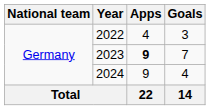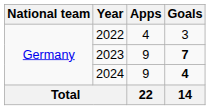 <table class="wikitable" style="text-align:center">
 <tr>
 <th>National team</th>
 <th>Year</th>
 <th>Apps</th>
 <th>Goals</th>
 </tr>
 <tr>
 <td rowspan="3"><a href='#'>Germany</a></td>
 <td>2022</td>
 <td>4</td>
 <td>3</td>
 </tr>
 <tr>
 <td>2023</td>
-<td><strong>9</strong></td>
-<td>7</td>
+<td>9</td>
+<td><strong>7</strong></td>
 </tr>
 <tr>
 <td>2024</td>
 <td>9</td>
-<td>4</td>
+<td><strong>4</strong></td>
 </tr>
 <tr>
 <th colspan="2">Total</th>
 <th>22</th>
 <th>14</th>
 </tr>
 </table>
